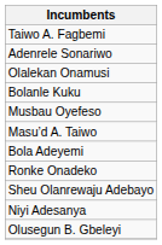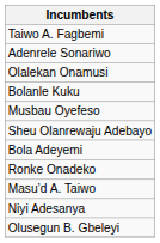 <table class="wikitable" style="font-size: 95%;">
 <tr>
 <th>Incumbents</th>
 </tr>
 <tr>
 <td>Taiwo A. Fagbemi</td>
 </tr>
 <tr>
 <td>Adenrele Sonariwo</td>
 </tr>
 <tr>
 <td>Olalekan Onamusi</td>
 </tr>
 <tr>
 <td>Bolanle Kuku</td>
 </tr>
 <tr>
 <td>Musbau Oyefeso</td>
 </tr>
 <tr>
-<td>Masu’d A. Taiwo</td>
+<td>Sheu Olanrewaju Adebayo</td>
 </tr>
 <tr>
 <td>Bola Adeyemi</td>
 </tr>
 <tr>
 <td>Ronke Onadeko</td>
 </tr>
 <tr>
-<td>Sheu Olanrewaju Adebayo</td>
+<td>Masu’d A. Taiwo</td>
 </tr>
 <tr>
 <td>Niyi Adesanya</td>
 </tr>
 <tr>
 <td>Olusegun B. Gbeleyi</td>
 </tr>
 <tr>
 </tr>
 </table>
